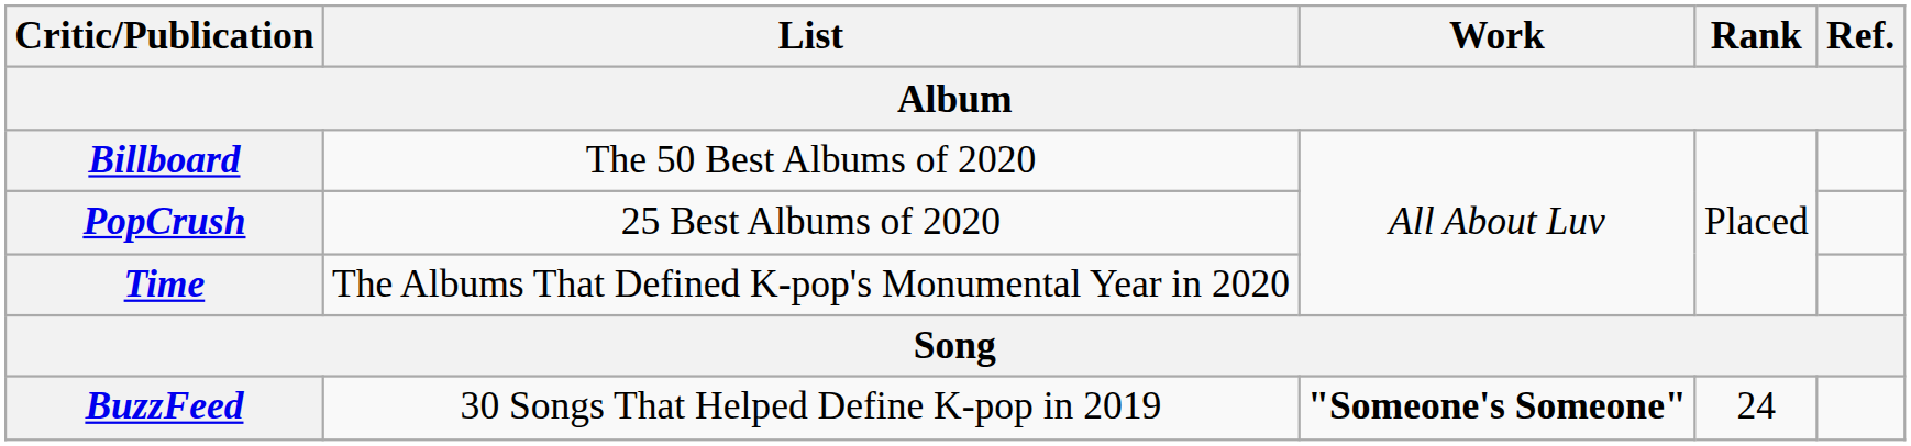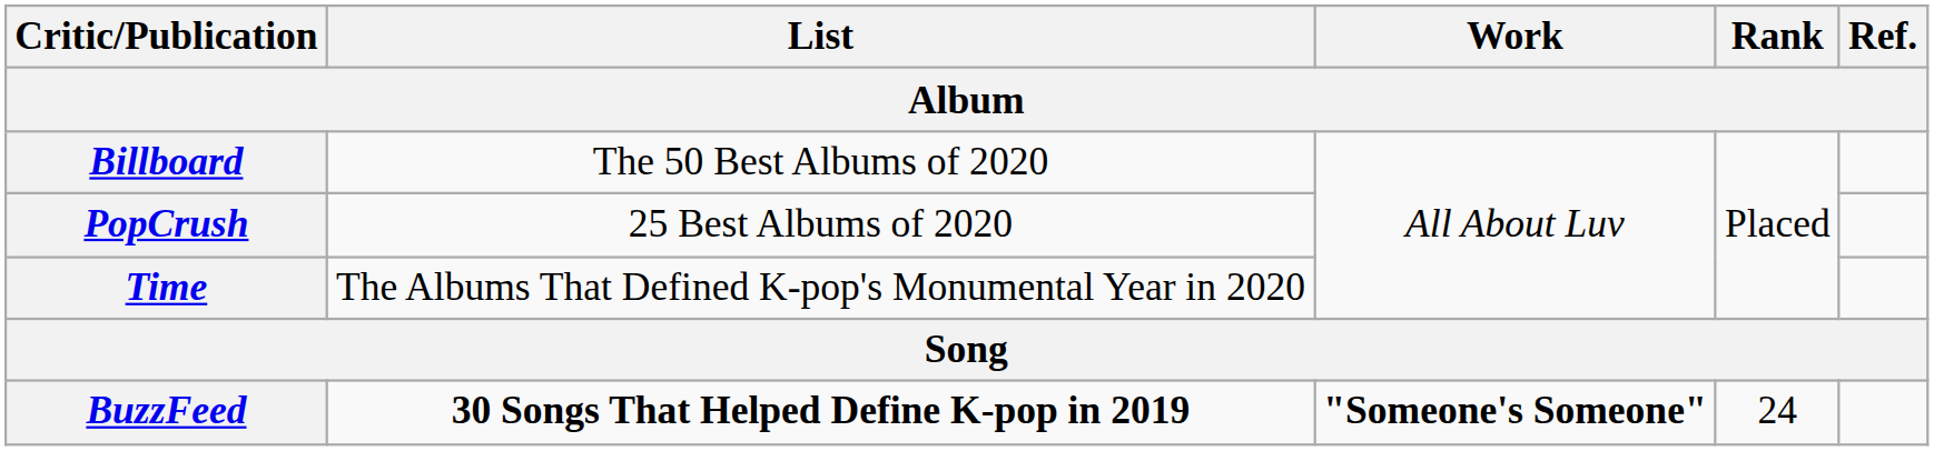 <table class="wikitable plainrowheaders sortable">
 <tr>
 <th>Critic/Publication</th>
 <th scope="col" class="unsortable">List</th>
 <th scope="col" class="unsortable">Work</th>
 <th data-sort-type="number">Rank</th>
 <th scope="col" class="unsortable">Ref.</th>
 </tr>
 <tr>
 <th align="center" colspan="5">Album</th>
 </tr>
 <tr>
 <th scope="row"><em><a href='#'>Billboard</a></em></th>
 <td align="center">The 50 Best Albums of 2020</td>
 <td rowspan="3"  align="center"><em>All About Luv</em></td>
 <td rowspan="3" align="center">Placed</td>
 <td align="center"></td>
 </tr>
 <tr>
 <th scope="row"><em><a href='#'>PopCrush</a></em></th>
 <td align="center">25 Best Albums of 2020</td>
 <td align="center"></td>
 </tr>
 <tr>
 <th scope="row"><em><a href='#'>Time</a></em></th>
 <td align="center">The Albums That Defined K-pop's Monumental Year in 2020</td>
 <td align="center"></td>
 </tr>
 <tr>
 <th align="center" colspan="5">Song</th>
 </tr>
 <tr>
 <th scope="row"><em><a href='#'>BuzzFeed</a></em></th>
-<td align="center">30 Songs That Helped Define K-pop in 2019</td>
+<td align="center"><strong>30 Songs That Helped Define K-pop in 2019</strong></td>
 <td align="center"><strong>"Someone's Someone"</strong></td>
 <td align="center">24</td>
 <td align="center"></td>
 </tr>
 </table>
